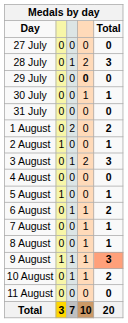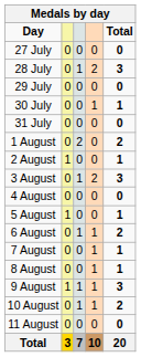 <table class="wikitable" style="font-size:85%">
 <tr style="background:#efefef;">
 <th colspan=7><strong>Medals by day</strong></th>
 </tr>
 <tr align=center>
 <td><strong>Day</strong></td>
 <td bgcolor=#f7f6a8></td>
 <td bgcolor=#dce5e5></td>
 <td bgcolor=#ffdab9></td>
 <td><strong>Total</strong></td>
 </tr>
 <tr align=center>
 <td>27 July</td>
 <td style="background:#F7F6A8;">0</td>
 <td style="background:#DCE5E5;">0</td>
 <td style="background:#FFDAB9;">0</td>
 <td><strong>0</strong></td>
 </tr>
 <tr align=center>
 <td>28 July</td>
 <td style="background:#F7F6A8;">0</td>
 <td style="background:#DCE5E5;">1</td>
 <td style="background:#FFDAB9;">2</td>
 <td><strong>3</strong></td>
 </tr>
 <tr align=center>
 <td>29 July</td>
 <td style="background:#F7F6A8;">0</td>
 <td style="background:#DCE5E5;">0</td>
-<td style="background:#FFDAB9;"><strong>0</strong></td>
+<td style="background:#FFDAB9;">0</td>
 <td><strong>0</strong></td>
 </tr>
 <tr align=center>
 <td>30 July</td>
 <td style="background:#F7F6A8;">0</td>
 <td style="background:#DCE5E5;">0</td>
 <td style="background:#FFDAB9;">1</td>
 <td><strong>1</strong></td>
 </tr>
 <tr align=center>
 <td>31 July</td>
 <td style="background:#F7F6A8;">0</td>
 <td style="background:#DCE5E5;">0</td>
 <td style="background:#FFDAB9;">0</td>
 <td><strong>0</strong></td>
 </tr>
 <tr align=center>
 <td>1 August</td>
 <td style="background:#F7F6A8;">0</td>
 <td style="background:#DCE5E5;">2</td>
 <td style="background:#FFDAB9;">0</td>
 <td><strong>2</strong></td>
 </tr>
 <tr align=center>
 <td>2 August</td>
 <td style="background:#F7F6A8;">1</td>
 <td style="background:#DCE5E5;">0</td>
 <td style="background:#FFDAB9;">0</td>
 <td><strong>1</strong></td>
 </tr>
 <tr align=center>
 <td>3 August</td>
 <td style="background:#F7F6A8;">0</td>
 <td style="background:#DCE5E5;">1</td>
 <td style="background:#FFDAB9;">2</td>
 <td><strong>3</strong></td>
 </tr>
 <tr align=center>
 <td>4 August</td>
 <td style="background:#F7F6A8;">0</td>
 <td style="background:#DCE5E5;">0</td>
 <td style="background:#FFDAB9;">0</td>
 <td><strong>0</strong></td>
 </tr>
 <tr align=center>
 <td>5 August</td>
 <td style="background:#F7F6A8;">1</td>
 <td style="background:#DCE5E5;">0</td>
 <td style="background:#FFDAB9;">0</td>
 <td><strong>1</strong></td>
 </tr>
 <tr align=center>
 <td>6 August</td>
 <td style="background:#F7F6A8;">0</td>
 <td style="background:#DCE5E5;">1</td>
 <td style="background:#FFDAB9;">1</td>
 <td><strong>2</strong></td>
 </tr>
 <tr align=center>
 <td>7 August</td>
 <td style="background:#F7F6A8;">0</td>
 <td style="background:#DCE5E5;">0</td>
 <td style="background:#FFDAB9;">1</td>
 <td><strong>1</strong></td>
 </tr>
 <tr align=center>
 <td>8 August</td>
 <td style="background:#F7F6A8;">0</td>
 <td style="background:#DCE5E5;">0</td>
 <td style="background:#FFDAB9;">1</td>
 <td><strong>1</strong></td>
 </tr>
 <tr align=center>
 <td>9 August</td>
 <td style="background:#F7F6A8;">1</td>
 <td style="background:#DCE5E5;">1</td>
 <td style="background:#FFDAB9;">1</td>
-<td style="background: lightsalmon;"><strong>3</strong></td>
+<td><strong>3</strong></td>
 </tr>
 <tr align=center>
 <td>10 August</td>
 <td style="background:#F7F6A8;">0</td>
 <td style="background:#DCE5E5;">1</td>
 <td style="background:#FFDAB9;">1</td>
 <td><strong>2</strong></td>
 </tr>
 <tr align=center>
 <td>11 August</td>
 <td style="background:#F7F6A8;">0</td>
 <td style="background:#DCE5E5;">0</td>
 <td style="background:#FFDAB9;">0</td>
 <td><strong>0</strong></td>
 </tr>
 <tr align=center>
 <th><strong>Total</strong></th>
 <th style="background:gold;"><strong>3</strong></th>
 <th style="background:silver;"><strong>7</strong></th>
 <th style="background:#c96;"><strong>10</strong></th>
 <th><strong>20</strong></th>
 </tr>
 </table>
